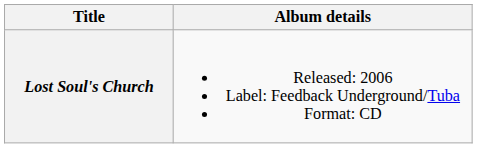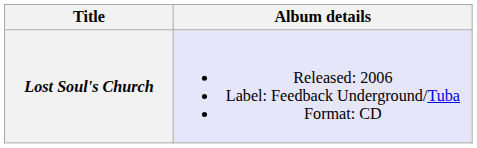 <table class="wikitable plainrowheaders" style="text-align:center;" border="1">
 <tr>
 <th scope="col" style="width:10em;">Title</th>
 <th scope="col" style="width:18em;">Album details</th>
 </tr>
 <tr>
 <th scope="row"><em>Lost Soul's Church</em></th>
-<td><br><ul><li>Released: 2006</li><li>Label: Feedback Underground/<a href='#'>Tuba</a></li><li>Format: CD</li></ul></td>
+<td style="background: lavender;"><br><ul><li>Released: 2006</li><li>Label: Feedback Underground/<a href='#'>Tuba</a></li><li>Format: CD</li></ul></td>
 </tr>
 </table>
